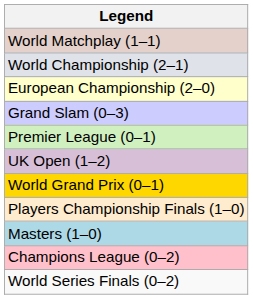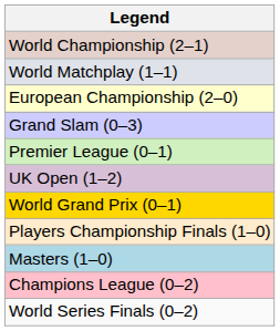 <table class="wikitable">
 <tr>
 <th>Legend</th>
 </tr>
 <tr style="background:#e5d1cb;">
-<td>World Matchplay (1–1)</td>
+<td>World Championship (2–1)</td>
 </tr>
 <tr style="background:#dfe2e9;">
-<td>World Championship (2–1)</td>
+<td>World Matchplay (1–1)</td>
 </tr>
 <tr style="background:#FFFFCC;">
 <td>European Championship (2–0)</td>
 </tr>
 <tr style="background:#CCCCFF;">
 <td>Grand Slam (0–3)</td>
 </tr>
 <tr style="background:#d0f0c0;">
 <td>Premier League (0–1)</td>
 </tr>
 <tr style="background:thistle">
 <td>UK Open (1–2)</td>
 </tr>
 <tr style="background:gold">
 <td>World Grand Prix (0–1)</td>
 </tr>
 <tr style="background:#ffebcd;">
 <td>Players Championship Finals (1–0)</td>
 </tr>
 <tr style="background:lightblue;">
 <td>Masters (1–0)</td>
 </tr>
 <tr style="background:pink;">
 <td>Champions League (0–2)</td>
 </tr>
 <tr>
 <td>World Series Finals (0–2)</td>
 </tr>
 </table>
